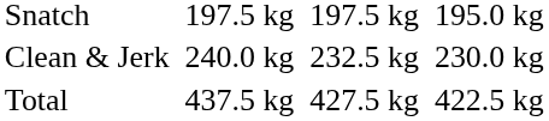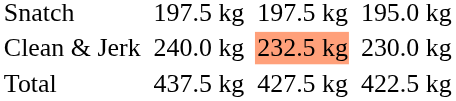 <table>
 <tr>
 <td>Snatch</td>
 <td></td>
 <td>197.5 kg</td>
 <td></td>
 <td>197.5 kg</td>
 <td></td>
 <td>195.0 kg</td>
 </tr>
 <tr>
 <td>Clean & Jerk</td>
 <td></td>
 <td>240.0 kg</td>
 <td></td>
-<td>232.5 kg</td>
+<td style="background: lightsalmon;">232.5 kg</td>
 <td></td>
 <td>230.0 kg</td>
 </tr>
 <tr>
 <td>Total</td>
 <td></td>
 <td>437.5 kg</td>
 <td></td>
 <td>427.5 kg</td>
 <td></td>
 <td>422.5 kg</td>
 </tr>
 </table>
